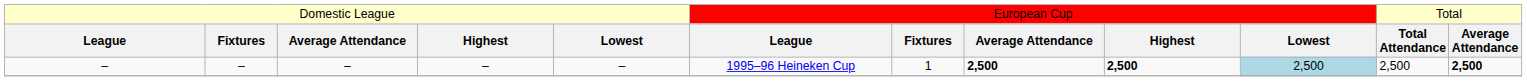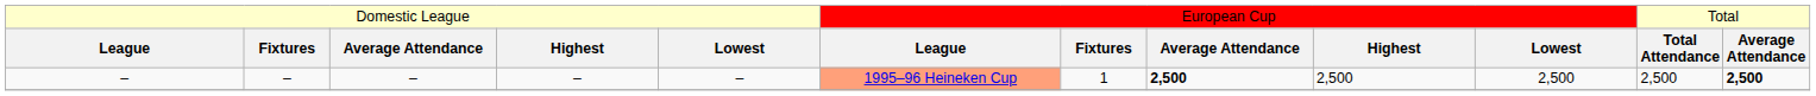 <table class="wikitable sortable" style="font-size:90%; width:90%;">
 <tr>
 <td colspan="5" class="wikitable sortable" style="width:45%; background:#ffffcc; text-align:center;"><span>Domestic League</span></td>
 <td colspan="5" class="wikitable sortable" style="width:45%; background:#f00; text-align:center;"><span>European Cup</span></td>
 <td colspan="2" class="wikitable sortable" style="width:45%; background:#ffffcc; text-align:center;"><span>Total</span></td>
 </tr>
 <tr>
 <th style="width:15%;">League</th>
 <th style="width:5%;">Fixtures</th>
 <th style="width:10%;">Average Attendance</th>
 <th style="width:10%;">Highest</th>
 <th style="width:10%;">Lowest</th>
 <th style="width:15%;">League</th>
 <th style="width:5%;">Fixtures</th>
 <th style="width:10%;">Average Attendance</th>
 <th style="width:10%;">Highest</th>
 <th style="width:10%;">Lowest</th>
 <th style="width:10%;">Total Attendance</th>
 <th style="width:10%;">Average Attendance</th>
 </tr>
 <tr>
 <td align=center>–</td>
 <td align=center>–</td>
 <td align=center>–</td>
 <td align=center>–</td>
 <td align=center>–</td>
-<td align=center><a href='#'>1995–96 Heineken Cup</a></td>
+<td align=center style="background: lightsalmon;"><a href='#'>1995–96 Heineken Cup</a></td>
 <td align=center>1</td>
 <td style=align=center><strong>2,500</strong></td>
-<td style=align=center><strong>2,500</strong></td>
-<td align=center style="background: lightblue;">2,500</td>
+<td style=align=center>2,500</td>
+<td align=center>2,500</td>
 <td style=align=center>2,500</td>
 <td style=align=center><strong>2,500</strong></td>
 </tr>
 <tr>
 </tr>
 </table>
